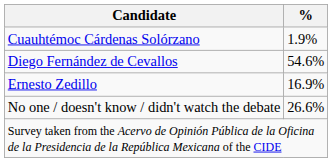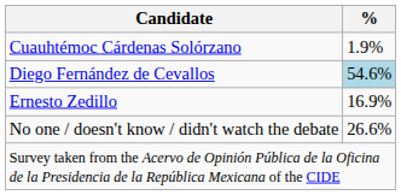 <table class="wikitable">
 <tr>
 <th>Candidate</th>
 <th>%</th>
 </tr>
 <tr>
 <td><a href='#'>Cuauhtémoc Cárdenas Solórzano</a></td>
 <td>1.9%</td>
 </tr>
 <tr>
 <td><a href='#'>Diego Fernández de Cevallos</a></td>
-<td>54.6%</td>
+<td style="background: lightblue;">54.6%</td>
 </tr>
 <tr>
 <td><a href='#'>Ernesto Zedillo</a></td>
 <td>16.9%</td>
 </tr>
 <tr>
 <td>No one / doesn't know / didn't watch the debate</td>
 <td>26.6%</td>
 </tr>
 <tr>
 <td colspan=2><small>Survey taken from the <em>Acervo de Opinión Pública de la Oficina<br> de la Presidencia de la República Mexicana</em> of the <a href='#'>CIDE</a></small></td>
 </tr>
 </table>
